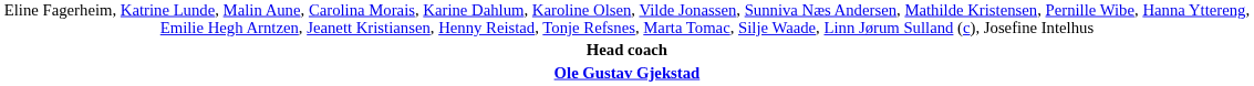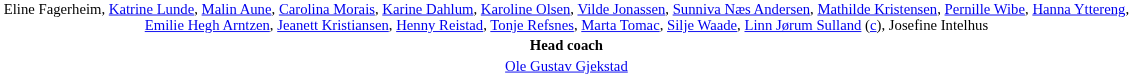 <table style="text-align: center; margin-top: 2em; margin-left: auto; margin-right: auto">
 <tr>
 <td>Eline Fagerheim, <a href='#'>Katrine Lunde</a>, <a href='#'>Malin Aune</a>, <a href='#'>Carolina Morais</a>, <a href='#'>Karine Dahlum</a>, <a href='#'>Karoline Olsen</a>, <a href='#'>Vilde Jonassen</a>, <a href='#'>Sunniva Næs Andersen</a>, <a href='#'>Mathilde Kristensen</a>, <a href='#'>Pernille Wibe</a>, <a href='#'>Hanna Yttereng</a>, <a href='#'>Emilie Hegh Arntzen</a>, <a href='#'>Jeanett Kristiansen</a>, <a href='#'>Henny Reistad</a>, <a href='#'>Tonje Refsnes</a>, <a href='#'>Marta Tomac</a>, <a href='#'>Silje Waade</a>, <a href='#'>Linn Jørum Sulland</a> (<a href='#'>c</a>), Josefine Intelhus</td>
 </tr>
 <tr>
 <td><strong>Head coach</strong></td>
 </tr>
 <tr>
-<td><strong><a href='#'>Ole Gustav Gjekstad</a></strong></td>
+<td><a href='#'>Ole Gustav Gjekstad</a></td>
 </tr>
 </table>
